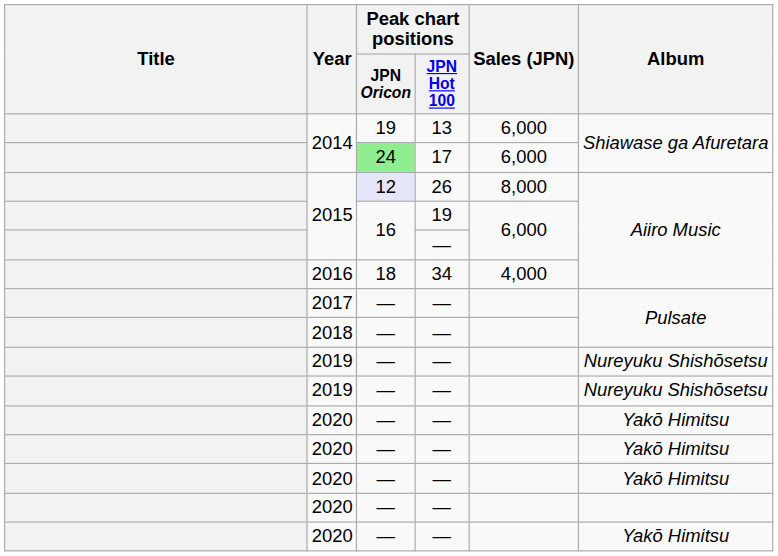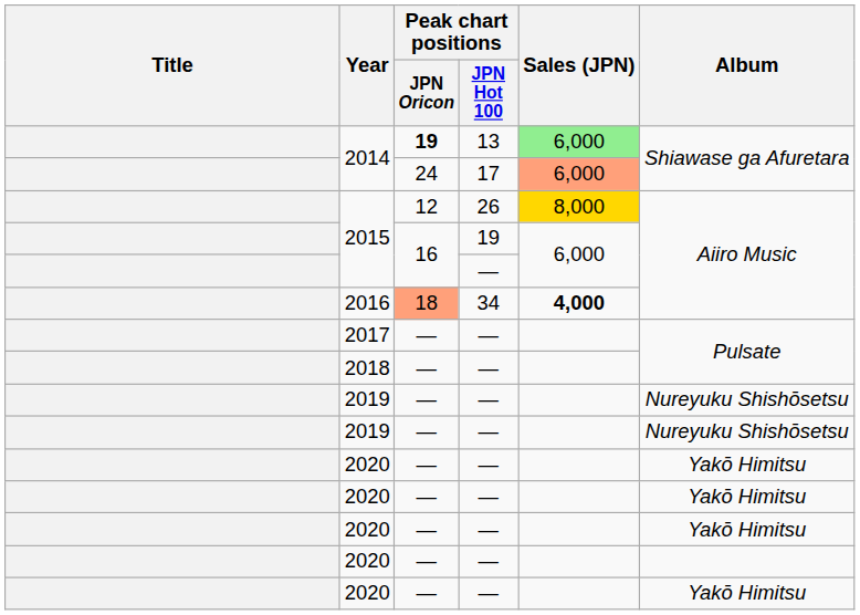 <table class="wikitable plainrowheaders" style="text-align:center;">
 <tr>
 <th scope="col" rowspan="2" style="width:16em;">Title</th>
 <th scope="col" rowspan="2">Year</th>
 <th scope="col" colspan="2">Peak chart positions</th>
 <th scope="col" rowspan="2">Sales (JPN)</th>
 <th scope="col" rowspan="2">Album</th>
 </tr>
 <tr>
 <th style="width:3em;font-size:85%">JPN <em>Oricon</em><br></th>
 <th style="width:3em;font-size:85%"><a href='#'>JPN Hot 100</a><br></th>
 </tr>
 <tr>
 <th scope="row"></th>
 <td rowspan="2">2014</td>
-<td>19</td>
+<td><strong>19</strong></td>
 <td>13</td>
-<td>6,000</td>
+<td style="background: lightgreen;">6,000</td>
 <td rowspan="2"><em>Shiawase ga Afuretara</em></td>
 </tr>
 <tr>
 <th scope="row"></th>
-<td style="background: lightgreen;">24</td>
+<td>24</td>
 <td>17</td>
-<td>6,000</td>
+<td style="background: lightsalmon;">6,000</td>
 </tr>
 <tr>
 <th scope="row"></th>
 <td rowspan="3">2015</td>
-<td style="background: lavender;">12</td>
+<td>12</td>
 <td>26</td>
-<td>8,000</td>
+<td style="background: gold;">8,000</td>
 <td rowspan="4"><em>Aiiro Music</em></td>
 </tr>
 <tr>
 <th scope="row"></th>
 <td rowspan="2">16</td>
 <td>19</td>
 <td rowspan="2">6,000</td>
 </tr>
 <tr>
 <th scope="row"></th>
 <td>—</td>
 </tr>
 <tr>
 <th scope="row"></th>
 <td>2016</td>
-<td>18</td>
+<td style="background: lightsalmon;">18</td>
 <td>34</td>
-<td>4,000</td>
+<td><strong>4,000</strong></td>
 </tr>
 <tr>
 <th scope="row"></th>
 <td>2017</td>
 <td>—</td>
 <td>—</td>
 <td></td>
 <td rowspan="2"><em>Pulsate</em></td>
 </tr>
 <tr>
 <th scope="row"></th>
 <td>2018</td>
 <td>—</td>
 <td>—</td>
 <td></td>
 </tr>
 <tr>
 <th scope="row"></th>
 <td>2019</td>
 <td>—</td>
 <td>—</td>
 <td></td>
 <td><em>Nureyuku Shishōsetsu</em></td>
 </tr>
 <tr>
 <th scope="row"></th>
 <td>2019</td>
 <td>—</td>
 <td>—</td>
 <td></td>
 <td><em>Nureyuku Shishōsetsu</em></td>
 </tr>
 <tr>
 <th scope="row"></th>
 <td>2020</td>
 <td>—</td>
 <td>—</td>
 <td></td>
 <td><em>Yakō Himitsu</em></td>
 </tr>
 <tr>
 <th scope="row"></th>
 <td>2020</td>
 <td>—</td>
 <td>—</td>
 <td></td>
 <td><em>Yakō Himitsu</em></td>
 </tr>
 <tr>
 <th scope="row"></th>
 <td>2020</td>
 <td>—</td>
 <td>—</td>
 <td></td>
 <td><em>Yakō Himitsu</em></td>
 </tr>
 <tr>
 <th scope="row"></th>
 <td>2020</td>
 <td>—</td>
 <td>—</td>
 <td></td>
 <td></td>
 </tr>
 <tr>
 <th scope="row"></th>
 <td>2020</td>
 <td>—</td>
 <td>—</td>
 <td></td>
 <td><em>Yakō Himitsu</em></td>
 </tr>
 </table>
